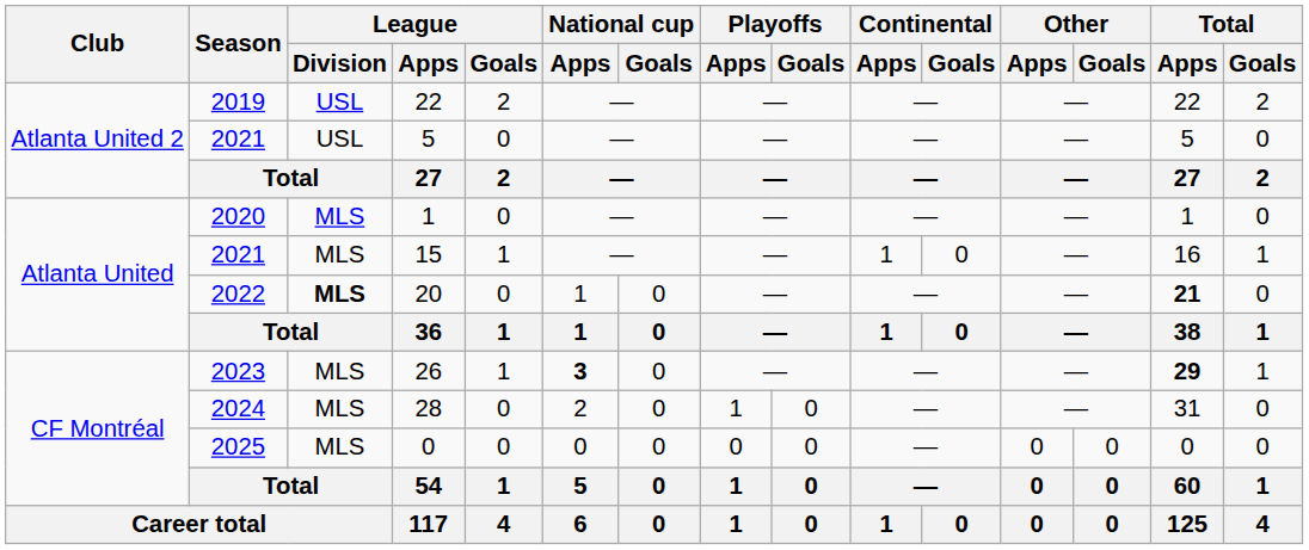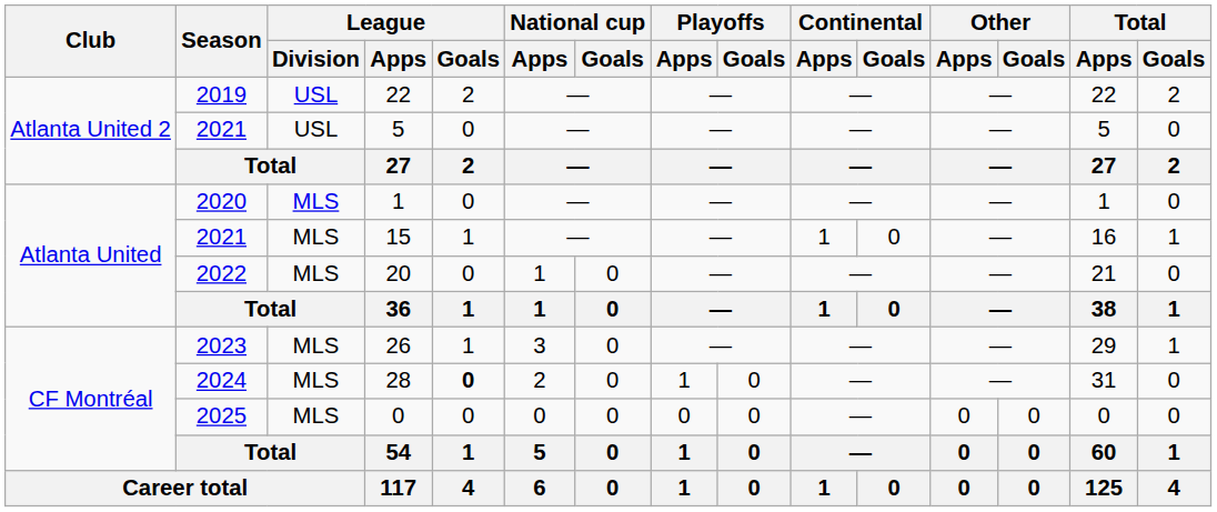 <table class=wikitable style=text-align:center>
 <tr>
 <th rowspan=2>Club</th>
 <th rowspan=2>Season</th>
 <th colspan=3>League</th>
 <th colspan=2>National cup</th>
 <th colspan=2>Playoffs</th>
 <th colspan=2>Continental</th>
 <th colspan=2>Other</th>
 <th colspan=2>Total</th>
 </tr>
 <tr>
 <th>Division</th>
 <th>Apps</th>
 <th>Goals</th>
 <th>Apps</th>
 <th>Goals</th>
 <th>Apps</th>
 <th>Goals</th>
 <th>Apps</th>
 <th>Goals</th>
 <th>Apps</th>
 <th>Goals</th>
 <th>Apps</th>
 <th>Goals</th>
 </tr>
 <tr>
 <td rowspan=3><a href='#'>Atlanta United 2</a></td>
 <td><a href='#'>2019</a></td>
 <td><a href='#'>USL</a></td>
 <td>22</td>
 <td>2</td>
 <td colspan=2>—</td>
 <td colspan=2>—</td>
 <td colspan=2>—</td>
 <td colspan=2>—</td>
 <td>22</td>
 <td>2</td>
 </tr>
 <tr>
 <td><a href='#'>2021</a></td>
 <td>USL</td>
 <td>5</td>
 <td>0</td>
 <td colspan=2>—</td>
 <td colspan=2>—</td>
 <td colspan=2>—</td>
 <td colspan=2>—</td>
 <td>5</td>
 <td>0</td>
 </tr>
 <tr>
 <th colspan=2>Total</th>
 <th>27</th>
 <th>2</th>
 <th colspan=2>—</th>
 <th colspan=2>—</th>
 <th colspan=2>—</th>
 <th colspan=2>—</th>
 <th>27</th>
 <th>2</th>
 </tr>
 <tr>
 <td rowspan=4><a href='#'>Atlanta United</a></td>
 <td><a href='#'>2020</a></td>
 <td><a href='#'>MLS</a></td>
 <td>1</td>
 <td>0</td>
 <td colspan=2>—</td>
 <td colspan=2>—</td>
 <td colspan=2>—</td>
 <td colspan=2>—</td>
 <td>1</td>
 <td>0</td>
 </tr>
 <tr>
 <td><a href='#'>2021</a></td>
 <td>MLS</td>
 <td>15</td>
 <td>1</td>
 <td colspan=2>—</td>
 <td colspan=2>—</td>
 <td>1</td>
 <td>0</td>
 <td colspan=2>—</td>
 <td>16</td>
 <td>1</td>
 </tr>
 <tr>
 <td><a href='#'>2022</a></td>
-<td><strong>MLS</strong></td>
+<td>MLS</td>
 <td>20</td>
 <td>0</td>
 <td>1</td>
 <td>0</td>
 <td colspan=2>—</td>
 <td colspan=2>—</td>
 <td colspan=2>—</td>
-<td><strong>21</strong></td>
+<td>21</td>
 <td>0</td>
 </tr>
 <tr>
 <th colspan=2>Total</th>
 <th>36</th>
 <th>1</th>
 <th>1</th>
 <th>0</th>
 <th colspan=2>—</th>
 <th>1</th>
 <th>0</th>
 <th colspan=2>—</th>
 <th>38</th>
 <th>1</th>
 </tr>
 <tr>
 <td rowspan=4><a href='#'>CF Montréal</a></td>
 <td><a href='#'>2023</a></td>
 <td>MLS</td>
 <td>26</td>
 <td>1</td>
-<td><strong>3</strong></td>
+<td>3</td>
 <td>0</td>
 <td colspan=2>—</td>
 <td colspan=2>—</td>
 <td colspan=2>—</td>
-<td><strong>29</strong></td>
+<td>29</td>
 <td>1</td>
 </tr>
 <tr>
 <td><a href='#'>2024</a></td>
 <td>MLS</td>
 <td>28</td>
-<td>0</td>
+<td><strong>0</strong></td>
 <td>2</td>
 <td>0</td>
 <td>1</td>
 <td>0</td>
 <td colspan=2>—</td>
 <td colspan=2>—</td>
 <td>31</td>
 <td>0</td>
 </tr>
 <tr>
 <td><a href='#'>2025</a></td>
 <td>MLS</td>
 <td>0</td>
 <td>0</td>
 <td>0</td>
 <td>0</td>
 <td>0</td>
 <td>0</td>
 <td colspan=2>—</td>
 <td>0</td>
 <td>0</td>
 <td>0</td>
 <td>0</td>
 </tr>
 <tr>
 <th colspan=2>Total</th>
 <th>54</th>
 <th>1</th>
 <th>5</th>
 <th>0</th>
 <th>1</th>
 <th>0</th>
 <th colspan=2>—</th>
 <th>0</th>
 <th>0</th>
 <th>60</th>
 <th>1</th>
 </tr>
 <tr>
 <th colspan=3>Career total</th>
 <th>117</th>
 <th>4</th>
 <th>6</th>
 <th>0</th>
 <th>1</th>
 <th>0</th>
 <th>1</th>
 <th>0</th>
 <th>0</th>
 <th>0</th>
 <th>125</th>
 <th>4</th>
 </tr>
 </table>
